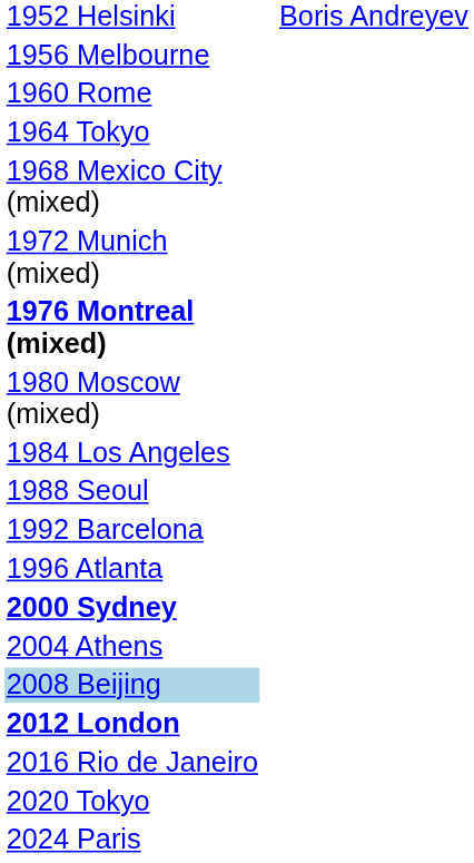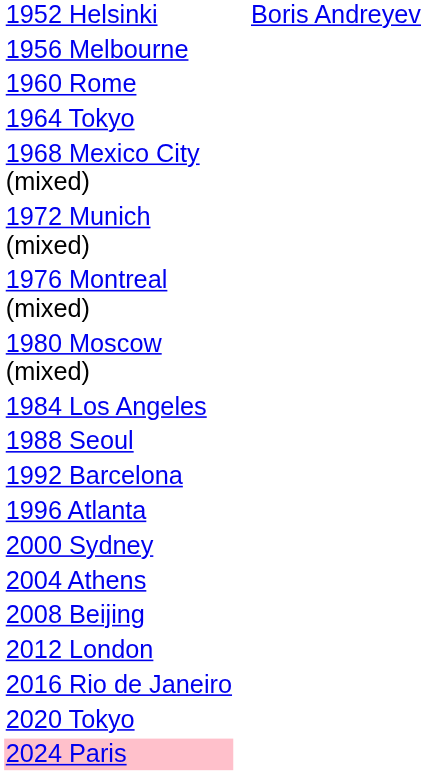 <table>
 <tr>
 <td><a href='#'>1952 Helsinki</a><br></td>
 <td></td>
 <td></td>
 <td><a href='#'>Boris Andreyev</a><br></td>
 </tr>
 <tr>
 <td><a href='#'>1956 Melbourne</a><br></td>
 <td></td>
 <td></td>
 <td></td>
 </tr>
 <tr>
 <td><a href='#'>1960 Rome</a><br></td>
 <td></td>
 <td></td>
 <td></td>
 </tr>
 <tr>
 <td><a href='#'>1964 Tokyo</a><br></td>
 <td></td>
 <td></td>
 <td></td>
 </tr>
 <tr>
 <td><a href='#'>1968 Mexico City</a><br> (mixed)</td>
 <td></td>
 <td></td>
 <td></td>
 </tr>
 <tr>
 <td><a href='#'>1972 Munich</a><br> (mixed)</td>
 <td></td>
 <td></td>
 <td></td>
 </tr>
 <tr>
-<td><strong><a href='#'>1976 Montreal</a><br> (mixed)</strong></td>
+<td><a href='#'>1976 Montreal</a><br> (mixed)</td>
 <td></td>
 <td></td>
 <td></td>
 </tr>
 <tr>
 <td><a href='#'>1980 Moscow</a><br> (mixed)</td>
 <td></td>
 <td></td>
 <td></td>
 </tr>
 <tr>
 <td><a href='#'>1984 Los Angeles</a><br></td>
 <td></td>
 <td></td>
 <td></td>
 </tr>
 <tr>
 <td><a href='#'>1988 Seoul</a><br></td>
 <td></td>
 <td></td>
 <td></td>
 </tr>
 <tr>
 <td><a href='#'>1992 Barcelona</a><br></td>
 <td></td>
 <td></td>
 <td></td>
 </tr>
 <tr>
 <td><a href='#'>1996 Atlanta</a><br></td>
 <td></td>
 <td></td>
 <td></td>
 </tr>
 <tr>
-<td><strong><a href='#'>2000 Sydney</a><br></strong></td>
+<td><a href='#'>2000 Sydney</a><br></td>
 <td></td>
 <td></td>
 <td></td>
 </tr>
 <tr>
 <td><a href='#'>2004 Athens</a><br></td>
 <td></td>
 <td></td>
 <td></td>
 </tr>
 <tr>
-<td style="background: lightblue;"><a href='#'>2008 Beijing</a><br></td>
+<td><a href='#'>2008 Beijing</a><br></td>
 <td></td>
 <td></td>
 <td></td>
 </tr>
 <tr>
-<td><strong><a href='#'>2012 London</a><br></strong></td>
+<td><a href='#'>2012 London</a><br></td>
 <td></td>
 <td></td>
 <td></td>
 </tr>
 <tr>
 <td><a href='#'>2016 Rio de Janeiro</a><br></td>
 <td></td>
 <td></td>
 <td></td>
 </tr>
 <tr>
 <td><a href='#'>2020 Tokyo</a><br></td>
 <td></td>
 <td></td>
 <td></td>
 </tr>
 <tr>
-<td><a href='#'>2024 Paris</a><br></td>
+<td style="background: pink;"><a href='#'>2024 Paris</a><br></td>
 <td></td>
 <td></td>
 <td></td>
 </tr>
 </table>
